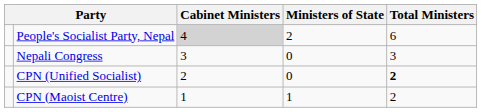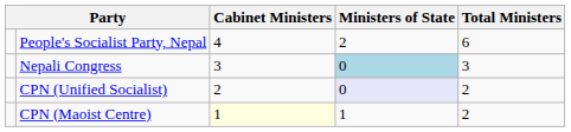 <table class="wikitable">
 <tr>
 <th colspan="2">Party</th>
 <th>Cabinet Ministers</th>
 <th>Ministers of State</th>
 <th>Total Ministers</th>
 </tr>
 <tr>
 <td width="4px"></td>
 <td><a href='#'>People's Socialist Party, Nepal</a></td>
-<td style="background: lightgrey;">4</td>
+<td>4</td>
 <td>2</td>
 <td>6</td>
 </tr>
 <tr>
 <td width="4px"></td>
 <td><a href='#'>Nepali Congress</a></td>
 <td>3</td>
-<td>0</td>
+<td style="background: lightblue;">0</td>
 <td>3</td>
 </tr>
 <tr>
 <td width="4px"></td>
 <td><a href='#'>CPN (Unified Socialist)</a></td>
 <td>2</td>
-<td>0</td>
-<td><strong>2</strong></td>
+<td style="background: lavender;">0</td>
+<td>2</td>
 </tr>
 <tr>
 <td width="4px"></td>
 <td><a href='#'>CPN (Maoist Centre)</a></td>
-<td>1</td>
+<td style="background: lightyellow;">1</td>
 <td>1</td>
 <td>2</td>
 </tr>
 </table>
